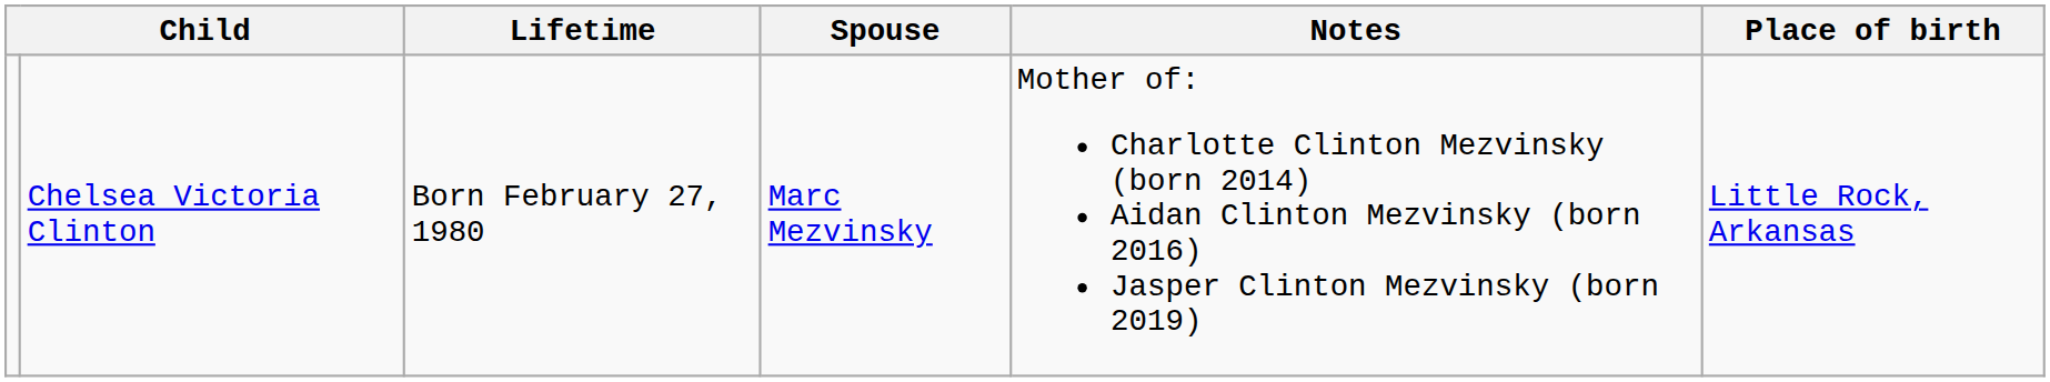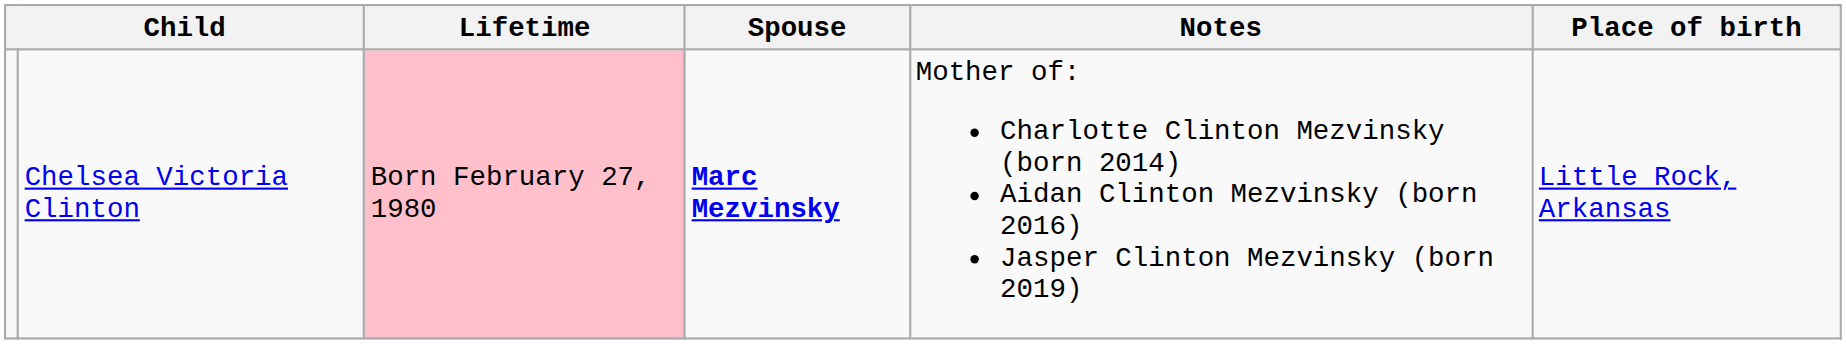 <table class="wikitable">
 <tr>
 <th colspan="2">Child</th>
 <th>Lifetime</th>
 <th>Spouse</th>
 <th>Notes</th>
 <th>Place of birth</th>
 </tr>
 <tr>
 <td></td>
 <td><a href='#'>Chelsea Victoria Clinton</a></td>
-<td>Born February 27, 1980</td>
-<td><a href='#'>Marc Mezvinsky</a></td>
+<td style="background: pink;">Born February 27, 1980</td>
+<td><strong><a href='#'>Marc Mezvinsky</a></strong></td>
 <td>Mother of:<br><ul><li>Charlotte Clinton Mezvinsky (born 2014)</li><li>Aidan Clinton Mezvinsky (born 2016)</li><li>Jasper Clinton Mezvinsky (born 2019)</li></ul></td>
 <td><a href='#'>Little Rock, Arkansas</a></td>
 </tr>
 </table>
